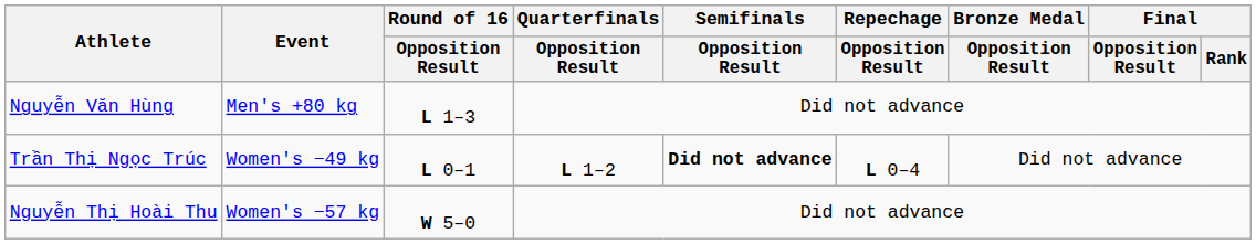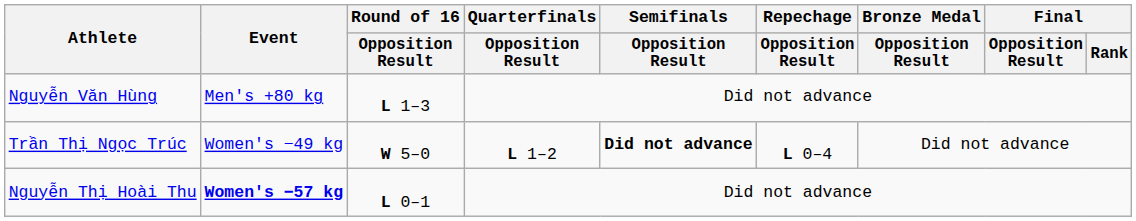 <table class="wikitable" style="font-size:90%">
 <tr>
 <th rowspan="2">Athlete</th>
 <th rowspan="2">Event</th>
 <th>Round of 16</th>
 <th>Quarterfinals</th>
 <th>Semifinals</th>
 <th>Repechage</th>
 <th>Bronze Medal</th>
 <th colspan=2>Final</th>
 </tr>
 <tr style="font-size:95%">
 <th>Opposition<br>Result</th>
 <th>Opposition<br>Result</th>
 <th>Opposition<br>Result</th>
 <th>Opposition<br>Result</th>
 <th>Opposition<br>Result</th>
 <th>Opposition<br>Result</th>
 <th>Rank</th>
 </tr>
 <tr align=center>
 <td align=left><a href='#'>Nguyễn Văn Hùng</a></td>
 <td align=left><a href='#'>Men's +80 kg</a></td>
 <td><br><strong>L</strong> 1–3</td>
 <td colspan=6>Did not advance</td>
 </tr>
 <tr align=center>
 <td align=left><a href='#'>Trần Thị Ngọc Trúc</a></td>
 <td align=left><a href='#'>Women's −49 kg</a></td>
-<td><br> <strong>L</strong> 0–1</td>
+<td><br><strong>W</strong> 5–0</td>
 <td><br><strong>L</strong> 1–2</td>
 <td><strong>Did not advance</strong></td>
 <td><br><strong>L</strong> 0–4</td>
 <td colspan=3>Did not advance</td>
 </tr>
 <tr align=center>
 <td align=left><a href='#'>Nguyễn Thị Hoài Thu</a></td>
-<td align=left><a href='#'>Women's −57 kg</a></td>
-<td><br><strong>W</strong> 5–0</td>
+<td align=left><strong><a href='#'>Women's −57 kg</a></strong></td>
+<td><br> <strong>L</strong> 0–1</td>
 <td colspan=6>Did not advance</td>
 </tr>
 </table>
